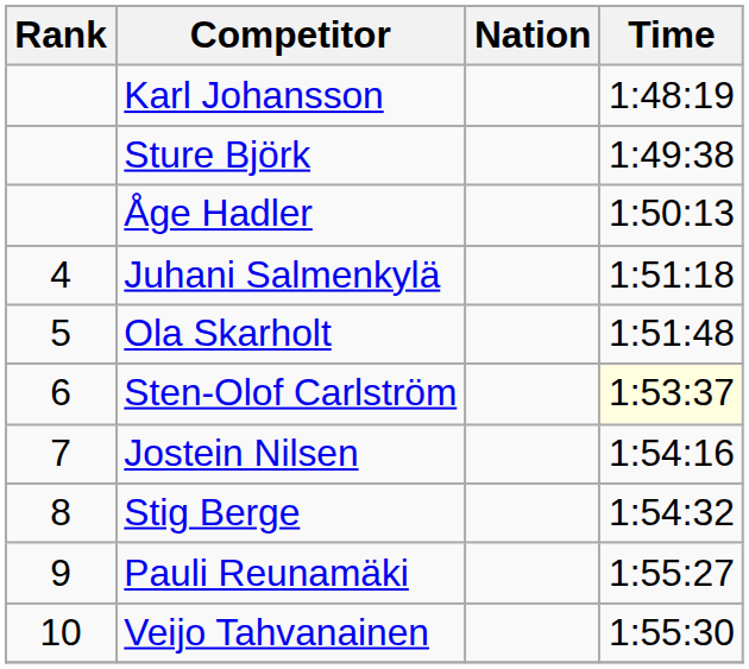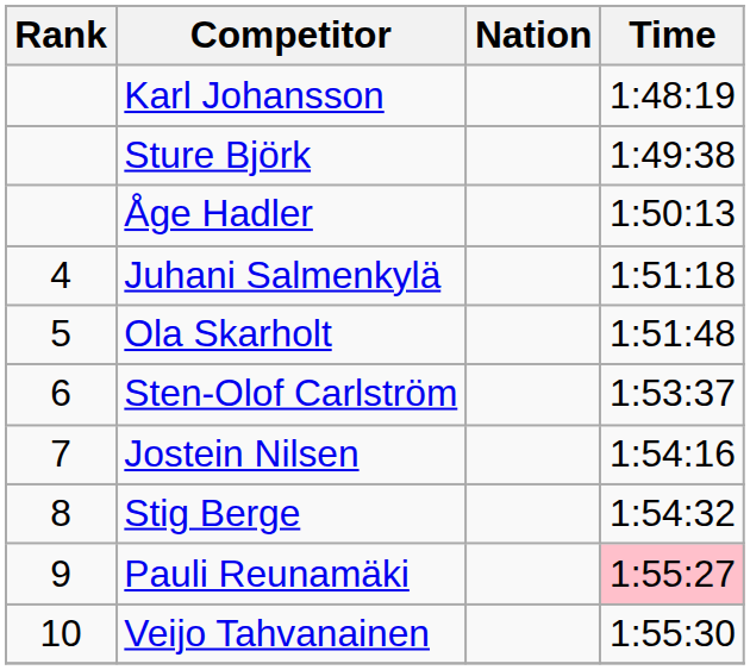 <table class="wikitable sortable" style="text-align:left">
 <tr>
 <th data-sort-type="number">Rank</th>
 <th class="unsortable">Competitor</th>
 <th>Nation</th>
 <th>Time</th>
 </tr>
 <tr>
 <td style="text-align:center"></td>
 <td><a href='#'>Karl Johansson</a></td>
 <td></td>
 <td style="text-align:right">1:48:19</td>
 </tr>
 <tr>
 <td style="text-align:center"></td>
 <td><a href='#'>Sture Björk</a></td>
 <td></td>
 <td style="text-align:right">1:49:38</td>
 </tr>
 <tr>
 <td style="text-align:center"></td>
 <td><a href='#'>Åge Hadler</a></td>
 <td></td>
 <td style="text-align:right">1:50:13</td>
 </tr>
 <tr>
 <td style="text-align:center">4</td>
 <td><a href='#'>Juhani Salmenkylä</a></td>
 <td></td>
 <td style="text-align:right">1:51:18</td>
 </tr>
 <tr>
 <td style="text-align:center">5</td>
 <td><a href='#'>Ola Skarholt</a></td>
 <td></td>
 <td style="text-align:right">1:51:48</td>
 </tr>
 <tr>
 <td style="text-align:center">6</td>
 <td><a href='#'>Sten-Olof Carlström</a></td>
 <td></td>
-<td style="background: lightyellow; text-align:right">1:53:37</td>
+<td style="text-align:right">1:53:37</td>
 </tr>
 <tr>
 <td style="text-align:center">7</td>
 <td><a href='#'>Jostein Nilsen</a></td>
 <td></td>
 <td style="text-align:right">1:54:16</td>
 </tr>
 <tr>
 <td style="text-align:center">8</td>
 <td><a href='#'>Stig Berge</a></td>
 <td></td>
 <td style="text-align:right">1:54:32</td>
 </tr>
 <tr>
 <td style="text-align:center">9</td>
 <td><a href='#'>Pauli Reunamäki</a></td>
 <td></td>
-<td style="text-align:right">1:55:27</td>
+<td style="background: pink; text-align:right">1:55:27</td>
 </tr>
 <tr>
 <td style="text-align:center">10</td>
 <td><a href='#'>Veijo Tahvanainen</a></td>
 <td></td>
 <td style="text-align:right">1:55:30</td>
 </tr>
 <tr>
 </tr>
 </table>
